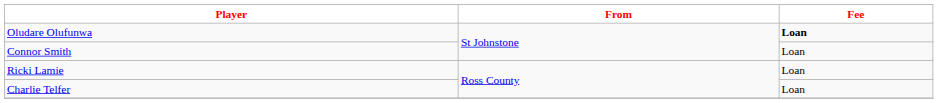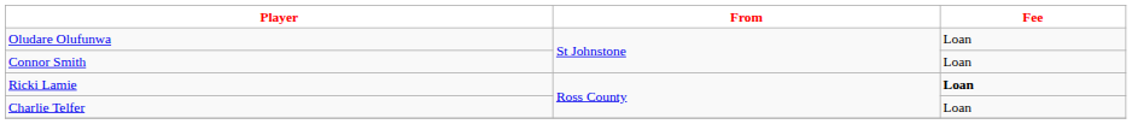 <table class="wikitable" style="text-align:left; font-size:95%;width:98%;">
 <tr>
 <th style="background:white; color:red;">Player</th>
 <th style="background:white; color:red;">From</th>
 <th style="background:white; color:red;">Fee</th>
 </tr>
 <tr>
 <td> <a href='#'>Oludare Olufunwa</a></td>
 <td rowspan=2> <a href='#'>St Johnstone</a></td>
-<td><strong>Loan</strong></td>
+<td>Loan</td>
 </tr>
 <tr>
 <td> <a href='#'>Connor Smith</a></td>
 <td>Loan</td>
 </tr>
 <tr>
 <td> <a href='#'>Ricki Lamie</a></td>
 <td rowspan=2> <a href='#'>Ross County</a></td>
-<td>Loan</td>
+<td><strong>Loan</strong></td>
 </tr>
 <tr>
 <td> <a href='#'>Charlie Telfer</a></td>
 <td>Loan</td>
 </tr>
 <tr>
 </tr>
 </table>
